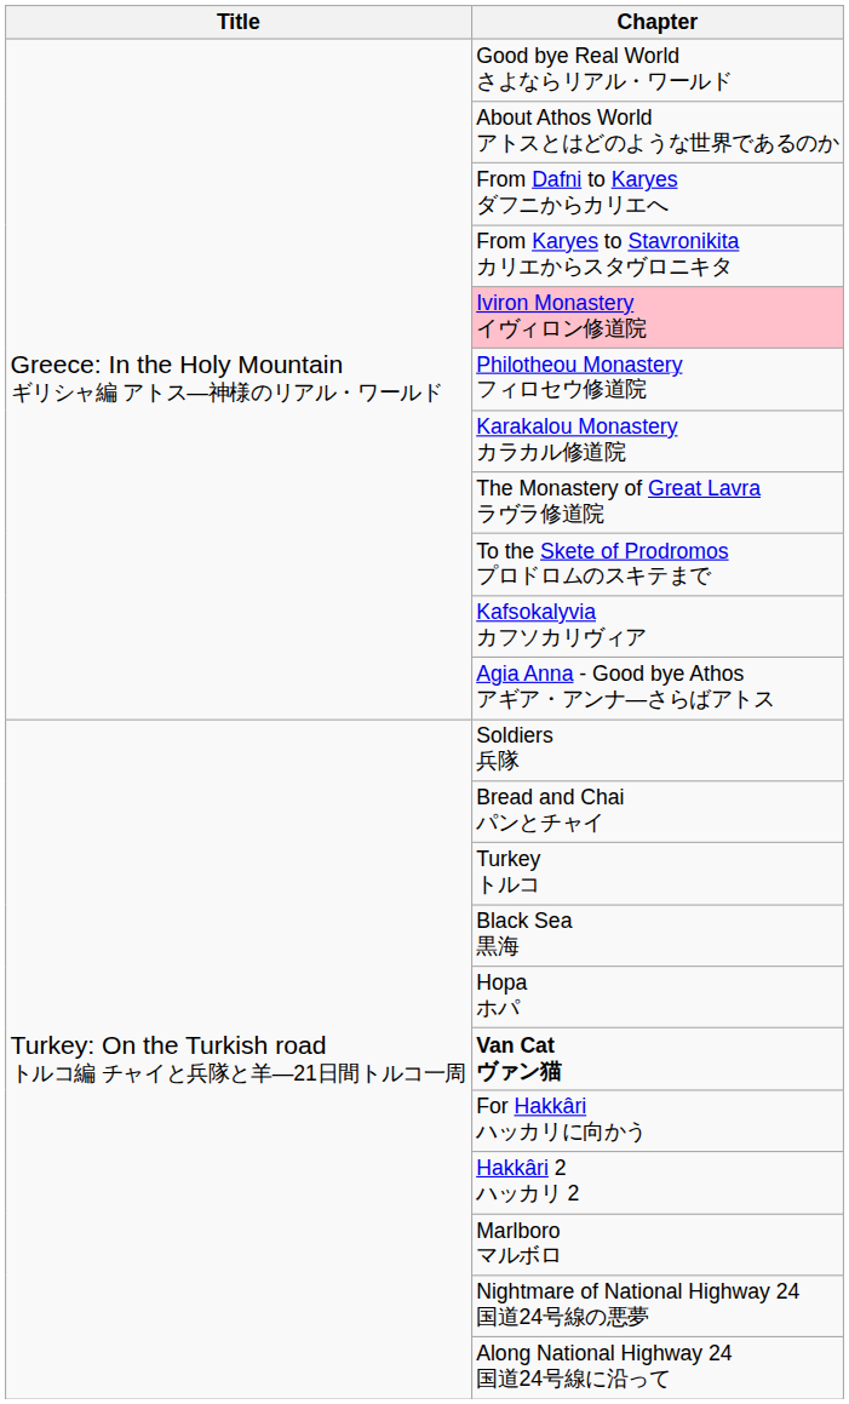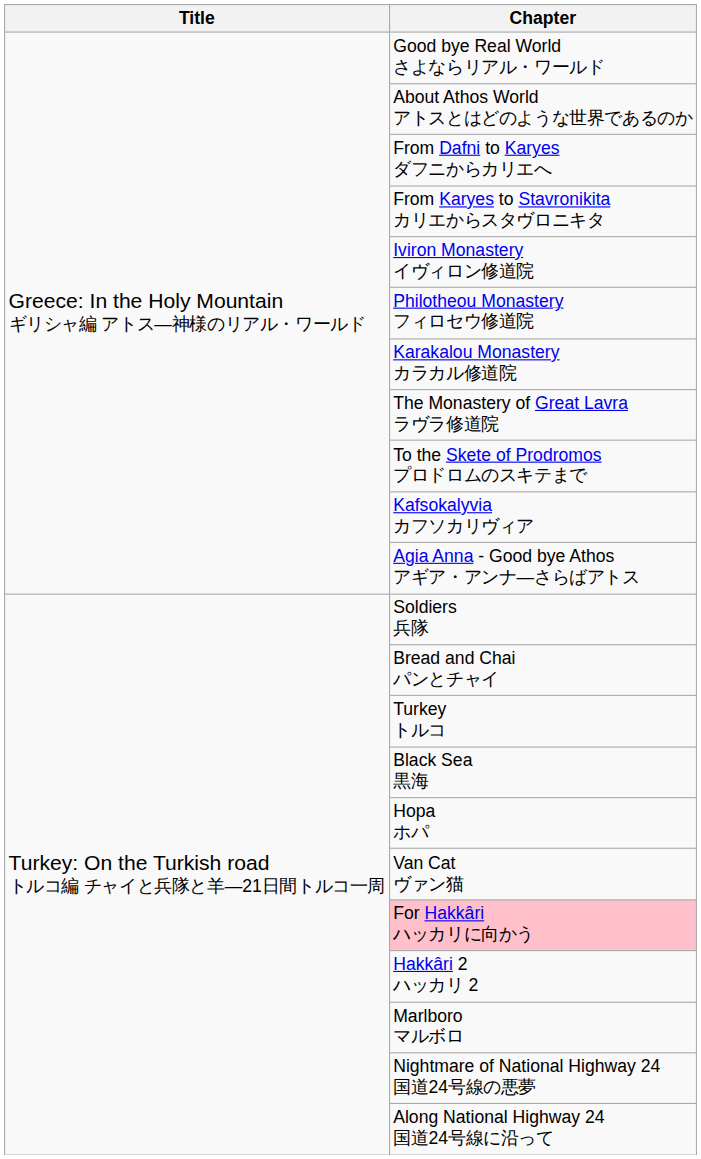 <table class="wikitable">
 <tr>
 <th><strong>Title</strong></th>
 <th><strong>Chapter</strong></th>
 </tr>
 <tr>
 <td rowspan="11"><big>Greece: In the Holy Mountain</big><br>ギリシャ編 アトス―神様のリアル・ワールド</td>
 <td>Good bye Real World<br> さよならリアル・ワールド</td>
 </tr>
 <tr>
 <td>About Athos World<br> アトスとはどのような世界であるのか</td>
 </tr>
 <tr>
 <td>From <a href='#'>Dafni</a> to <a href='#'>Karyes</a><br> ダフニからカリエへ</td>
 </tr>
 <tr>
 <td>From <a href='#'>Karyes</a> to <a href='#'>Stavronikita</a><br> カリエからスタヴロニキタ</td>
 </tr>
 <tr>
-<td style="background: pink;"><a href='#'>Iviron Monastery</a><br> イヴィロン修道院</td>
+<td><a href='#'>Iviron Monastery</a><br> イヴィロン修道院</td>
 </tr>
 <tr>
 <td><a href='#'>Philotheou Monastery</a><br> フィロセウ修道院</td>
 </tr>
 <tr>
 <td><a href='#'>Karakalou Monastery</a><br> カラカル修道院</td>
 </tr>
 <tr>
 <td>The Monastery of <a href='#'>Great Lavra</a><br> ラヴラ修道院</td>
 </tr>
 <tr>
 <td>To the <a href='#'>Skete of Prodromos</a><br> プロドロムのスキテまで</td>
 </tr>
 <tr>
 <td><a href='#'>Kafsokalyvia</a><br> カフソカリヴィア</td>
 </tr>
 <tr>
 <td><a href='#'>Agia Anna</a> - Good bye Athos<br> アギア・アンナ―さらばアトス</td>
 </tr>
 <tr>
 <td rowspan="11"><big>Turkey: On the Turkish road</big><br>トルコ編 チャイと兵隊と羊―21日間トルコ一周</td>
 <td>Soldiers<br> 兵隊</td>
 </tr>
 <tr>
 <td>Bread and Chai<br> パンとチャイ</td>
 </tr>
 <tr>
 <td>Turkey<br> トルコ</td>
 </tr>
 <tr>
 <td>Black Sea<br> 黒海</td>
 </tr>
 <tr>
 <td>Hopa<br> ホパ</td>
 </tr>
 <tr>
-<td><strong>Van Cat<br> ヴァン猫</strong></td>
+<td>Van Cat<br> ヴァン猫</td>
 </tr>
 <tr>
-<td>For <a href='#'>Hakkâri</a><br> ハッカリに向かう</td>
+<td style="background: pink;">For <a href='#'>Hakkâri</a><br> ハッカリに向かう</td>
 </tr>
 <tr>
 <td><a href='#'>Hakkâri</a> 2<br> ハッカリ 2</td>
 </tr>
 <tr>
 <td>Marlboro<br> マルボロ</td>
 </tr>
 <tr>
 <td>Nightmare of National Highway 24<br> 国道24号線の悪夢</td>
 </tr>
 <tr>
 <td>Along National Highway 24<br> 国道24号線に沿って</td>
 </tr>
 </table>
